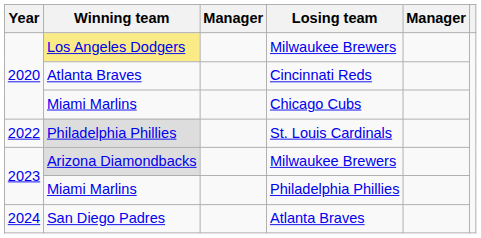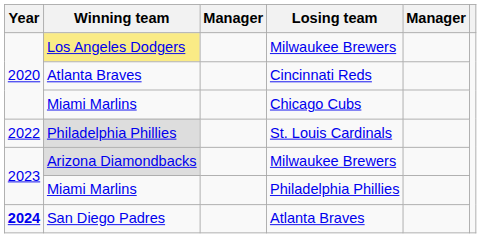 <table class="wikitable sortable sticky-header" style="font-size:1.00em; line-height:1.5em;">
 <tr>
 <th scope="col" class="unsortable">Year</th>
 <th scope="col">Winning team</th>
 <th scope="col">Manager</th>
 <th scope="col">Losing team</th>
 <th scope="col">Manager</th>
 <th scope="col" class="unsortable"></th>
 </tr>
 <tr>
 <td rowspan=3><a href='#'>2020</a></td>
 <td bgcolor="#FAEB86"><a href='#'>Los Angeles Dodgers</a></td>
 <td></td>
 <td><a href='#'>Milwaukee Brewers</a></td>
 <td></td>
 </tr>
 <tr>
 <td><a href='#'>Atlanta Braves</a></td>
 <td></td>
 <td><a href='#'>Cincinnati Reds</a></td>
 <td></td>
 </tr>
 <tr>
 <td><a href='#'>Miami Marlins</a></td>
 <td></td>
 <td><a href='#'>Chicago Cubs</a></td>
 <td></td>
 </tr>
 <tr>
 <td><a href='#'>2022</a></td>
 <td bgcolor="#dddddd"><a href='#'>Philadelphia Phillies</a></td>
 <td></td>
 <td><a href='#'>St. Louis Cardinals</a></td>
 <td></td>
 </tr>
 <tr>
 <td rowspan=2><a href='#'>2023</a></td>
 <td bgcolor="#dddddd"><a href='#'>Arizona Diamondbacks</a></td>
 <td></td>
 <td><a href='#'>Milwaukee Brewers</a></td>
 <td></td>
 </tr>
 <tr>
 <td><a href='#'>Miami Marlins</a></td>
 <td></td>
 <td><a href='#'>Philadelphia Phillies</a></td>
 <td></td>
 </tr>
 <tr>
-<td><a href='#'>2024</a></td>
+<td><strong><a href='#'>2024</a></strong></td>
 <td><a href='#'>San Diego Padres</a></td>
 <td></td>
 <td><a href='#'>Atlanta Braves</a></td>
 <td></td>
 </tr>
 </table>
